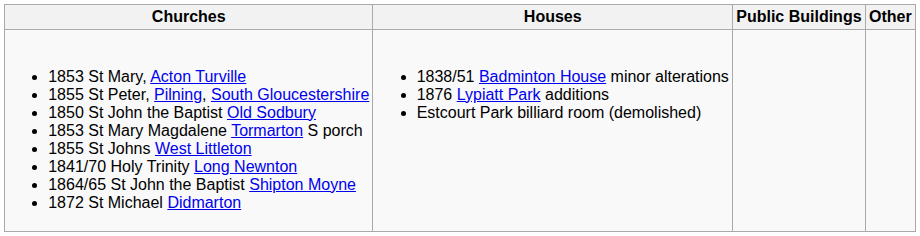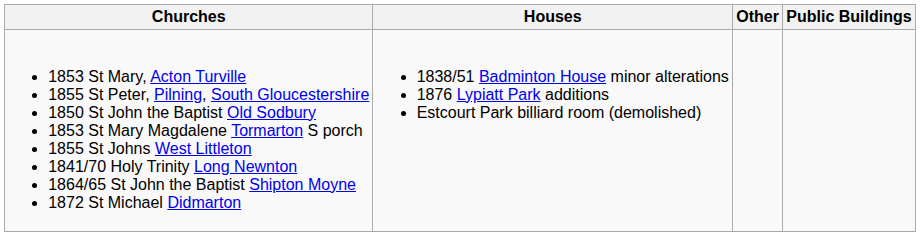 <table class="wikitable">
 <tr>
 <th>Churches</th>
 <th>Houses</th>
+<th>Other</th>
 <th>Public Buildings</th>
-<th>Other</th>
 </tr>
 <tr valign="top">
 <td><br><ul><li>1853 St Mary, <a href='#'>Acton Turville</a></li><li>1855 St Peter, <a href='#'>Pilning</a>, <a href='#'>South Gloucestershire</a></li><li>1850 St John the Baptist <a href='#'>Old Sodbury</a></li><li>1853 St Mary Magdalene <a href='#'>Tormarton</a> S porch</li><li>1855 St Johns <a href='#'>West Littleton</a></li><li>1841/70 Holy Trinity <a href='#'>Long Newnton</a></li><li>1864/65 St John the Baptist <a href='#'>Shipton Moyne</a></li><li>1872 St Michael <a href='#'>Didmarton</a></li></ul></td>
 <td><br><ul><li>1838/51 <a href='#'>Badminton House</a> minor alterations</li><li>1876 <a href='#'>Lypiatt Park</a> additions</li><li>Estcourt Park billiard room (demolished)</li></ul></td>
 <td></td>
 <td></td>
 </tr>
 </table>
